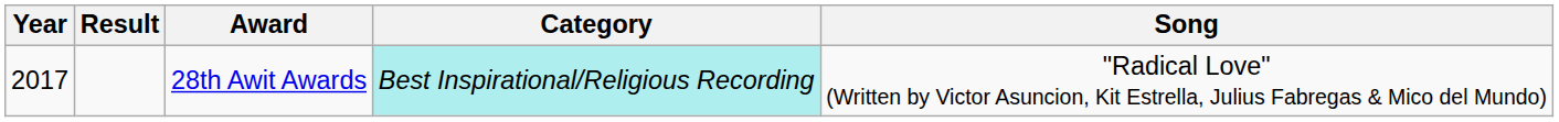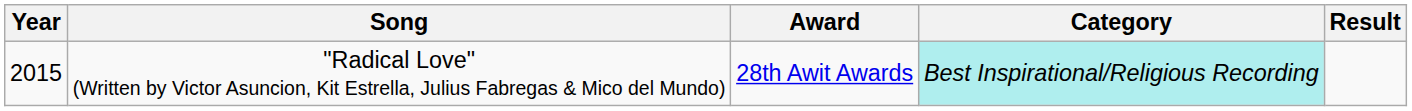 <table class="wikitable">
 <tr>
 <th>Year</th>
-<th>Result</th>
+<th>Song</th>
 <th>Award</th>
 <th>Category</th>
-<th>Song</th>
+<th>Result</th>
 </tr>
 <tr style="text-align:center;">
-<td>2017</td>
-<td></td>
+<td>2015</td>
+<td>"Radical Love"<br><small> (Written by Victor Asuncion, Kit Estrella, Julius Fabregas & Mico del Mundo)</small></td>
 <td><a href='#'>28th Awit Awards</a></td>
 <td style="background: paleturquoise;"><em>Best Inspirational/Religious Recording</em></td>
-<td>"Radical Love"<br><small> (Written by Victor Asuncion, Kit Estrella, Julius Fabregas & Mico del Mundo)</small></td>
+<td></td>
 </tr>
 </table>
